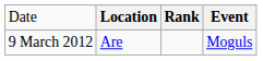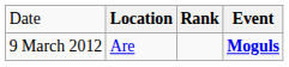 <table class="wikitable sortable" style="font-size:90%" style="text-align:center">
 <tr>
 <td>Date</td>
 <th>Location</th>
 <th>Rank</th>
 <th>Event</th>
 </tr>
 <tr>
 <td>9 March 2012</td>
 <td><a href='#'>Are</a></td>
 <td></td>
-<td><a href='#'>Moguls</a></td>
+<td><strong><a href='#'>Moguls</a></strong></td>
 </tr>
 </table>
